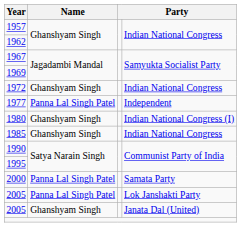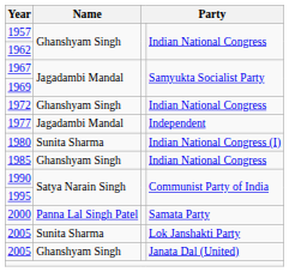 <table class="wikitable">
 <tr>
 <th>Year</th>
 <th>Name</th>
 <th colspan="2">Party</th>
 </tr>
 <tr>
 <td><a href='#'>1957</a></td>
 <td rowspan="2">Ghanshyam Singh</td>
 <td rowspan="2" style="background-color: "></td>
 <td rowspan="2"><a href='#'>Indian National Congress</a></td>
 </tr>
 <tr>
 <td><a href='#'>1962</a></td>
 </tr>
 <tr>
 <td><a href='#'>1967</a></td>
 <td rowspan="2">Jagadambi Mandal</td>
 <td rowspan="2" style="background-color: "></td>
 <td rowspan="2"><a href='#'>Samyukta Socialist Party</a></td>
 </tr>
 <tr>
 <td><a href='#'>1969</a></td>
 </tr>
 <tr>
 <td><a href='#'>1972</a></td>
 <td>Ghanshyam Singh</td>
 <td style="background-color: "></td>
 <td><a href='#'>Indian National Congress</a></td>
 </tr>
 <tr>
 <td><a href='#'>1977</a></td>
-<td><a href='#'>Panna Lal Singh Patel</a></td>
+<td>Jagadambi Mandal</td>
 <td style="background-color: "></td>
 <td><a href='#'>Independent</a></td>
 </tr>
 <tr>
 <td><a href='#'>1980</a></td>
-<td>Ghanshyam Singh</td>
+<td>Sunita Sharma</td>
 <td style="background-color: "></td>
 <td><a href='#'>Indian National Congress (I)</a></td>
 </tr>
 <tr>
 <td><a href='#'>1985</a></td>
 <td>Ghanshyam Singh</td>
 <td style="background-color: "></td>
 <td><a href='#'>Indian National Congress</a></td>
 </tr>
 <tr>
 <td><a href='#'>1990</a></td>
 <td rowspan="2">Satya Narain Singh</td>
 <td rowspan="2" style="background-color: "></td>
 <td rowspan="2"><a href='#'>Communist Party of India</a></td>
 </tr>
 <tr>
 <td><a href='#'>1995</a></td>
 </tr>
 <tr>
 <td><a href='#'>2000</a></td>
 <td><a href='#'>Panna Lal Singh Patel</a></td>
 <td style="background-color: "></td>
 <td><a href='#'>Samata Party</a></td>
 </tr>
 <tr>
 <td><a href='#'>2005</a></td>
-<td><a href='#'>Panna Lal Singh Patel</a></td>
+<td>Sunita Sharma</td>
 <td style="background-color: "></td>
 <td><a href='#'>Lok Janshakti Party</a></td>
 </tr>
 <tr>
 <td><a href='#'>2005</a></td>
 <td>Ghanshyam Singh</td>
 <td style="background-color: "></td>
 <td><a href='#'>Janata Dal (United)</a></td>
 </tr>
 <tr>
 <td colspan="4"></td>
 </tr>
 </table>
